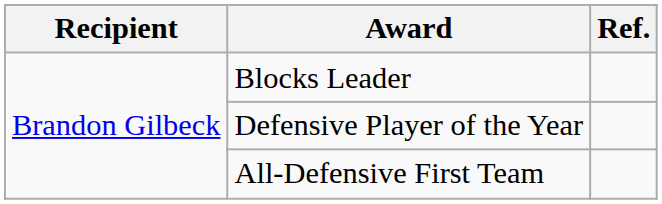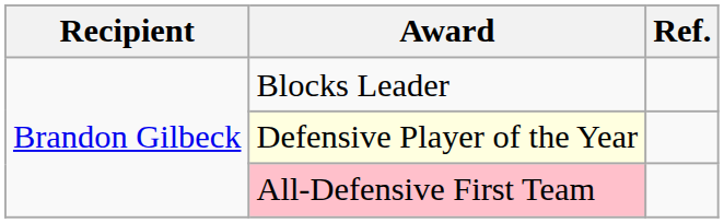 <table class="wikitable">
 <tr>
 <th>Recipient</th>
 <th>Award</th>
 <th>Ref.</th>
 </tr>
 <tr>
 <td rowspan=3><a href='#'>Brandon Gilbeck</a></td>
 <td>Blocks Leader</td>
 <td></td>
 </tr>
 <tr>
-<td>Defensive Player of the Year</td>
+<td style="background: lightyellow;">Defensive Player of the Year</td>
 <td></td>
 </tr>
 <tr>
-<td>All-Defensive First Team</td>
+<td style="background: pink;">All-Defensive First Team</td>
 <td></td>
 </tr>
 </table>
